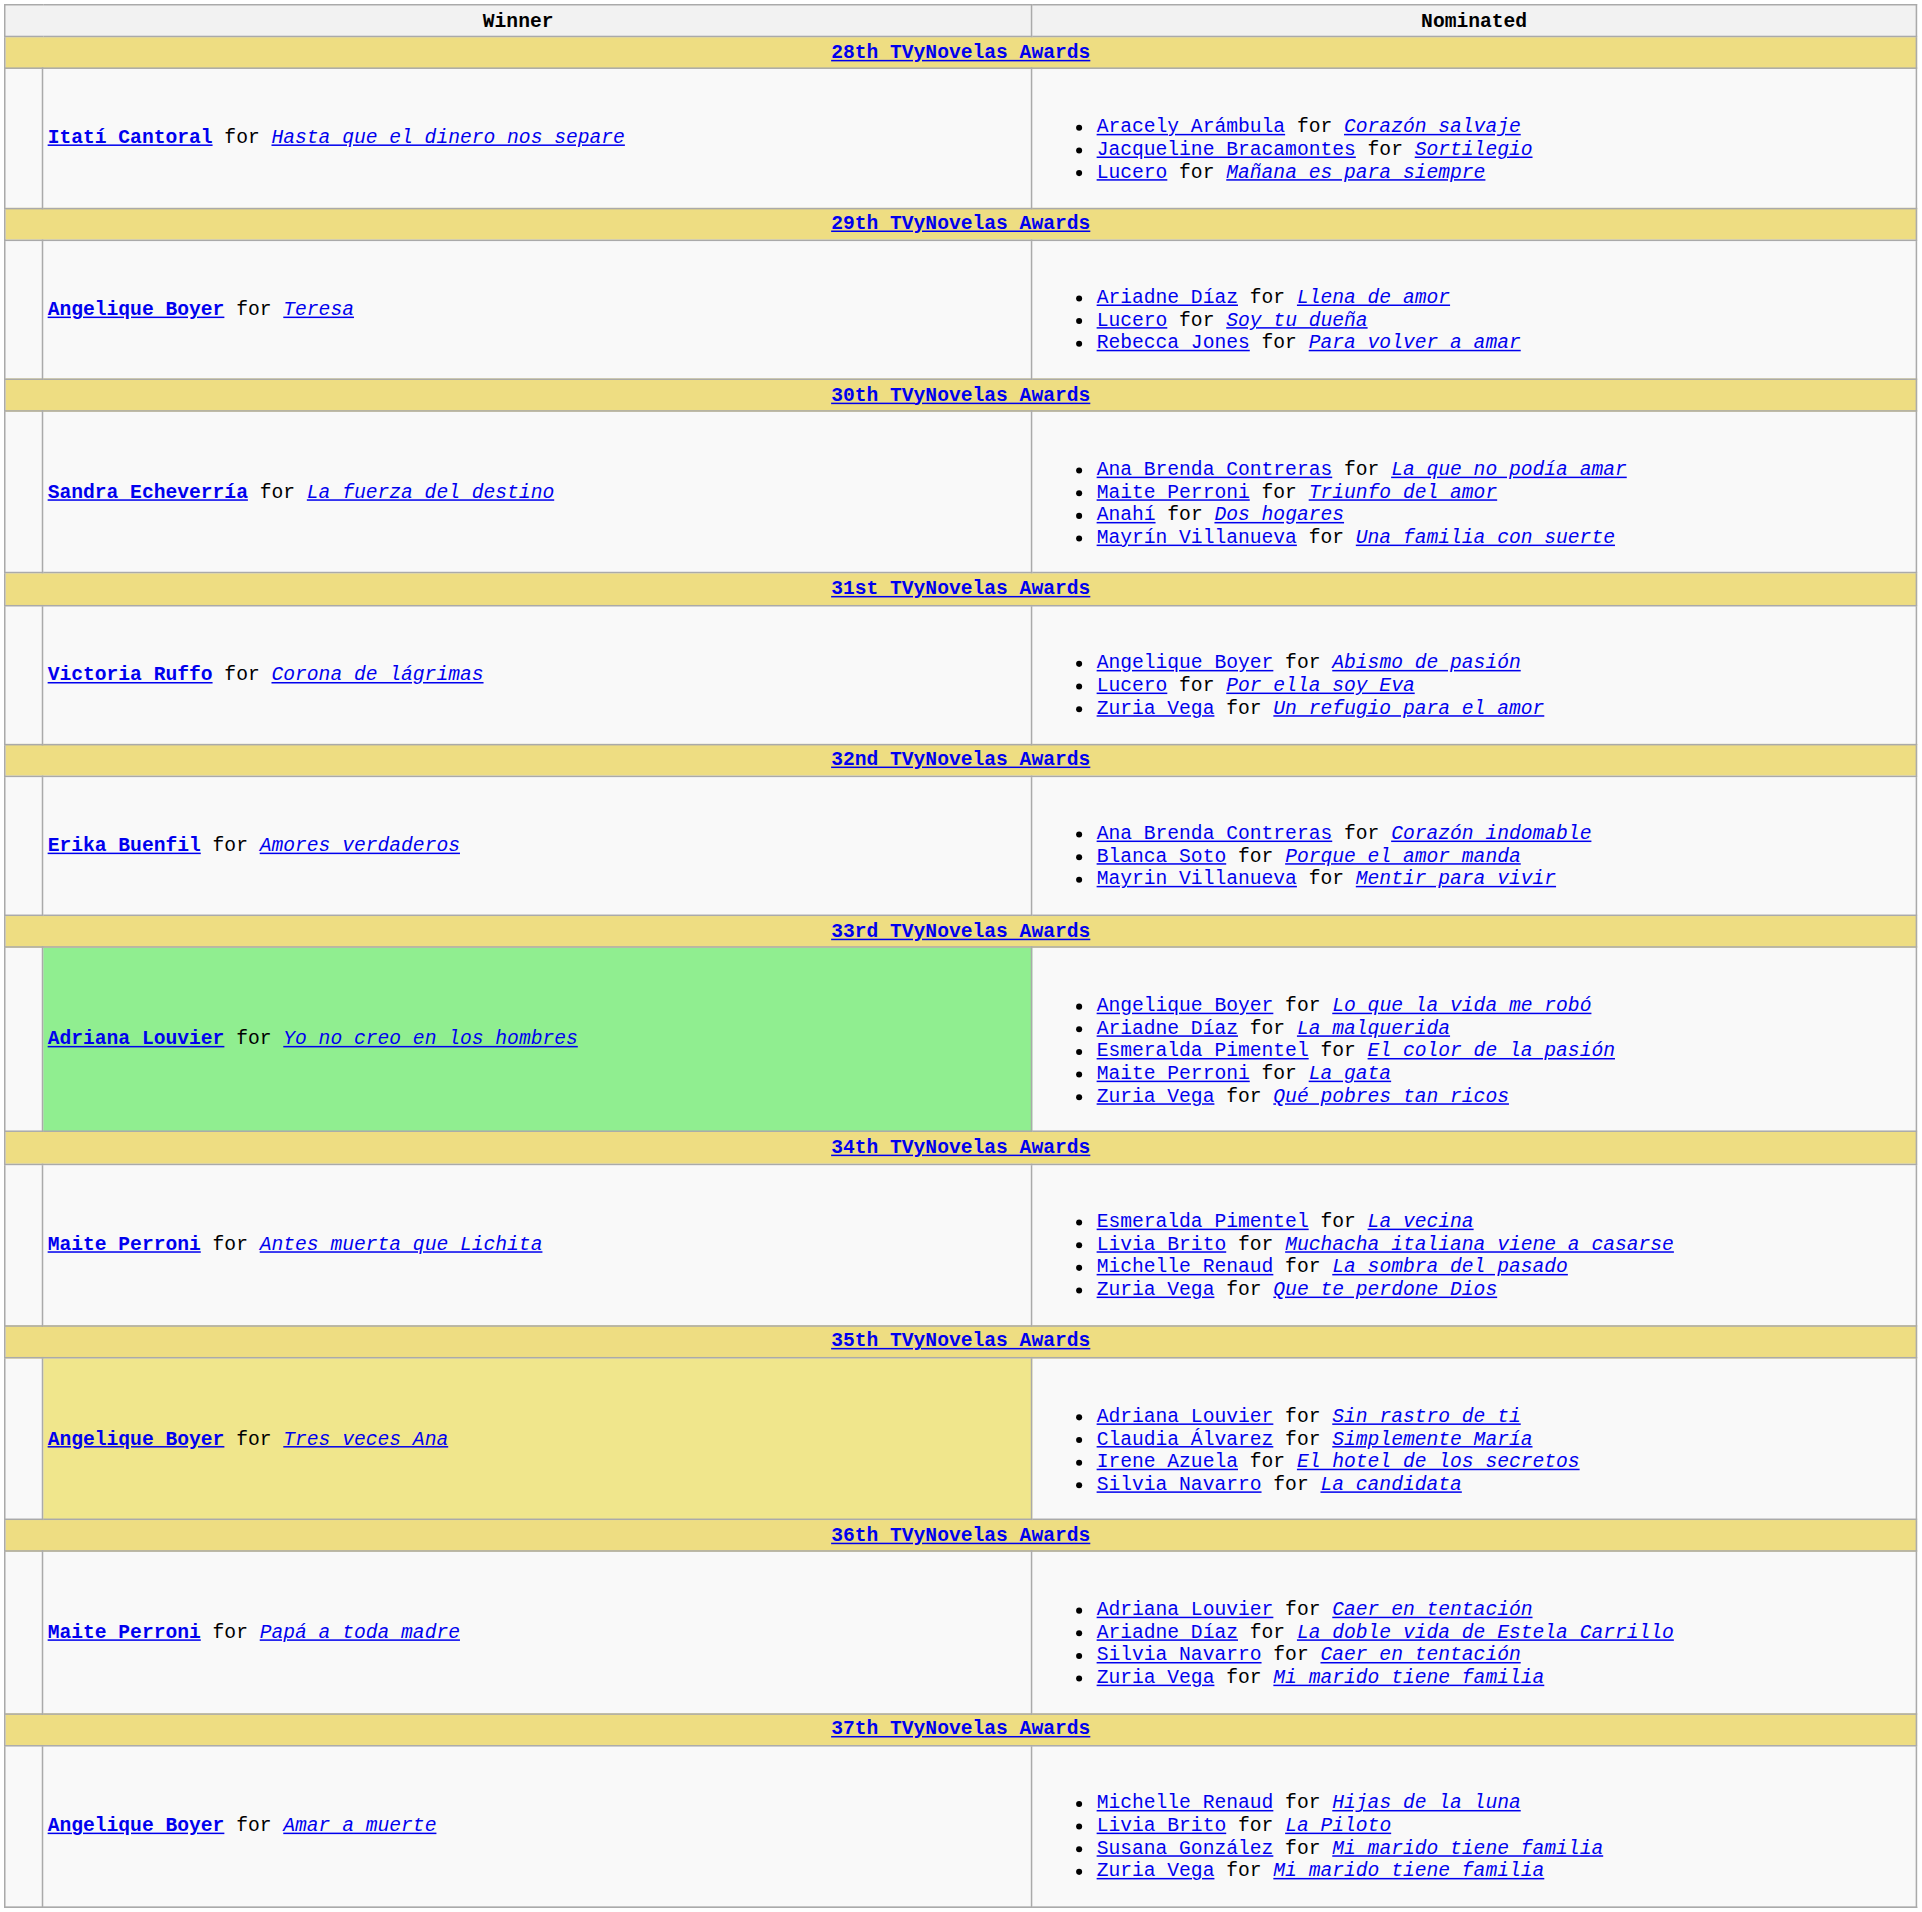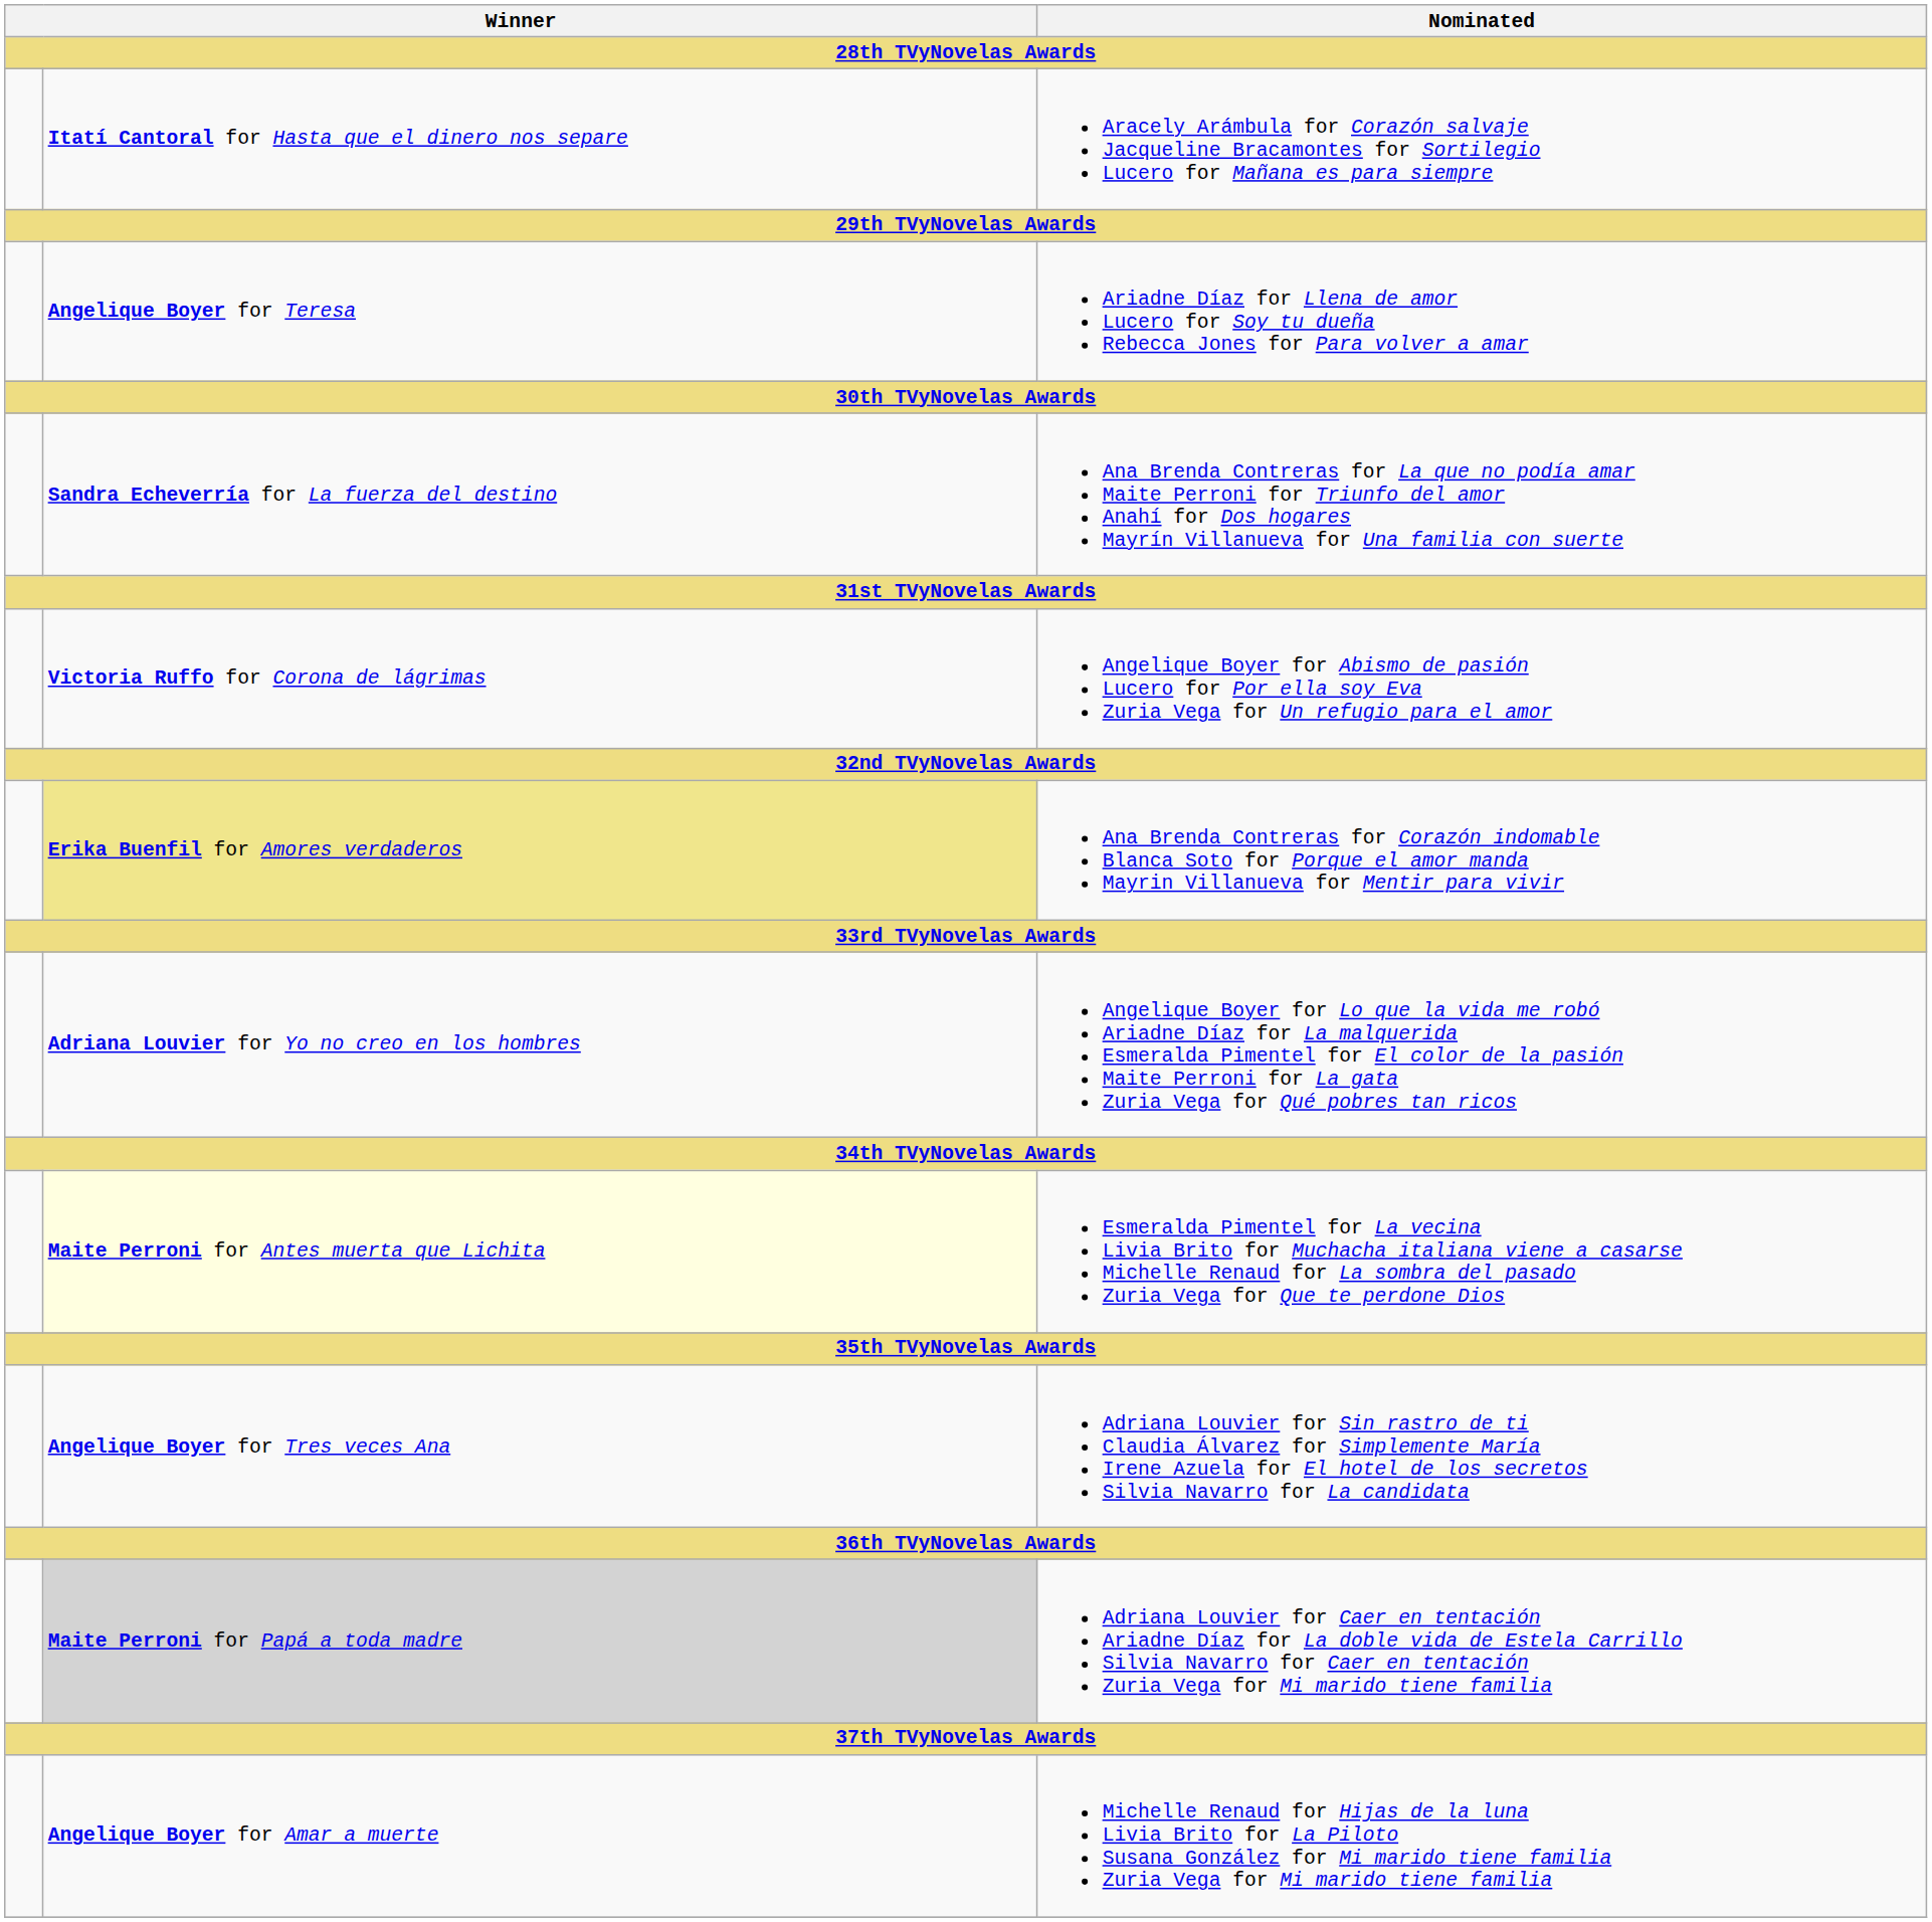 <table class="wikitable" width=80%>
 <tr align=center>
 <th width="150px;" colspan=2; align="center">Winner</th>
 <th width="580px;" align="center">Nominated</th>
 </tr>
 <tr>
 <th colspan=9 style="background:#EEDD82;"  align="center"><strong><a href='#'>28th TVyNovelas Awards</a></strong></th>
 </tr>
 <tr>
 <td width=2%></td>
 <td><strong><a href='#'>Itatí Cantoral</a></strong> for <em><a href='#'>Hasta que el dinero nos separe</a></em></td>
 <td><br><ul><li><a href='#'>Aracely Arámbula</a> for <em><a href='#'>Corazón salvaje</a></em></li><li><a href='#'>Jacqueline Bracamontes</a> for <em><a href='#'>Sortilegio</a></em></li><li><a href='#'>Lucero</a> for <em><a href='#'>Mañana es para siempre</a></em></li></ul></td>
 </tr>
 <tr>
 <th colspan=9 style="background:#EEDD82;"  align="center"><strong><a href='#'>29th TVyNovelas Awards</a></strong></th>
 </tr>
 <tr>
 <td width=2%></td>
 <td><strong><a href='#'>Angelique Boyer</a></strong> for <em><a href='#'>Teresa</a></em></td>
 <td><br><ul><li><a href='#'>Ariadne Díaz</a> for <em><a href='#'>Llena de amor</a></em></li><li><a href='#'>Lucero</a> for <em><a href='#'>Soy tu dueña</a></em></li><li><a href='#'>Rebecca Jones</a> for <em><a href='#'>Para volver a amar</a></em></li></ul></td>
 </tr>
 <tr>
 <th colspan=9 style="background:#EEDD82;"  align="center"><strong><a href='#'>30th TVyNovelas Awards</a></strong></th>
 </tr>
 <tr>
 <td width=2%></td>
 <td><strong><a href='#'>Sandra Echeverría</a></strong> for <em><a href='#'>La fuerza del destino</a></em></td>
 <td><br><ul><li><a href='#'>Ana Brenda Contreras</a> for <em><a href='#'>La que no podía amar</a></em></li><li><a href='#'>Maite Perroni</a> for <em><a href='#'>Triunfo del amor</a></em></li><li><a href='#'>Anahí</a> for <em><a href='#'>Dos hogares</a></em></li><li><a href='#'>Mayrín Villanueva</a> for <em><a href='#'>Una familia con suerte</a></em></li></ul></td>
 </tr>
 <tr>
 <th colspan=9 style="background:#EEDD82;"  align="center"><strong><a href='#'>31st TVyNovelas Awards</a></strong></th>
 </tr>
 <tr>
 <td width=2%></td>
 <td><strong><a href='#'>Victoria Ruffo</a></strong> for <em><a href='#'>Corona de lágrimas</a></em></td>
 <td><br><ul><li><a href='#'>Angelique Boyer</a> for <em><a href='#'>Abismo de pasión</a></em></li><li><a href='#'>Lucero</a> for <em><a href='#'>Por ella soy Eva</a></em></li><li><a href='#'>Zuria Vega</a> for <em><a href='#'>Un refugio para el amor</a></em></li></ul></td>
 </tr>
 <tr>
 <th colspan=9 style="background:#EEDD82;"  align="center"><strong><a href='#'>32nd TVyNovelas Awards</a></strong></th>
 </tr>
 <tr>
 <td width=2%></td>
-<td><strong><a href='#'>Erika Buenfil</a></strong> for <em><a href='#'>Amores verdaderos</a></em></td>
+<td style="background: khaki;"><strong><a href='#'>Erika Buenfil</a></strong> for <em><a href='#'>Amores verdaderos</a></em></td>
 <td><br><ul><li><a href='#'>Ana Brenda Contreras</a> for <em><a href='#'>Corazón indomable</a></em></li><li><a href='#'>Blanca Soto</a> for <em><a href='#'>Porque el amor manda</a></em></li><li><a href='#'>Mayrin Villanueva</a> for <em><a href='#'>Mentir para vivir</a></em></li></ul></td>
 </tr>
 <tr>
 <th colspan=9 style="background:#EEDD82;"  align="center"><strong><a href='#'>33rd TVyNovelas Awards</a></strong></th>
 </tr>
 <tr>
 <td width=2%></td>
-<td style="background: lightgreen;"><strong><a href='#'>Adriana Louvier</a></strong> for <em><a href='#'>Yo no creo en los hombres</a></em></td>
+<td><strong><a href='#'>Adriana Louvier</a></strong> for <em><a href='#'>Yo no creo en los hombres</a></em></td>
 <td><br><ul><li><a href='#'>Angelique Boyer</a> for <em><a href='#'>Lo que la vida me robó</a></em></li><li><a href='#'>Ariadne Díaz</a> for <em><a href='#'>La malquerida</a></em></li><li><a href='#'>Esmeralda Pimentel</a> for <em><a href='#'>El color de la pasión</a></em></li><li><a href='#'>Maite Perroni</a> for <em><a href='#'>La gata</a></em></li><li><a href='#'>Zuria Vega</a> for <em><a href='#'>Qué pobres tan ricos</a></em></li></ul></td>
 </tr>
 <tr>
 <th colspan=9 style="background:#EEDD82;"  align="center"><strong><a href='#'>34th TVyNovelas Awards</a></strong></th>
 </tr>
 <tr>
 <td width=2%></td>
-<td><strong><a href='#'>Maite Perroni</a></strong> for <em><a href='#'>Antes muerta que Lichita</a></em></td>
+<td style="background: lightyellow;"><strong><a href='#'>Maite Perroni</a></strong> for <em><a href='#'>Antes muerta que Lichita</a></em></td>
 <td><br><ul><li><a href='#'>Esmeralda Pimentel</a> for <em><a href='#'>La vecina</a></em></li><li><a href='#'>Livia Brito</a> for <em><a href='#'>Muchacha italiana viene a casarse</a></em></li><li><a href='#'>Michelle Renaud</a> for <em><a href='#'>La sombra del pasado</a></em></li><li><a href='#'>Zuria Vega</a> for <em><a href='#'>Que te perdone Dios</a></em></li></ul></td>
 </tr>
 <tr>
 <th colspan=9 style="background:#EEDD82;"  align="center"><strong><a href='#'>35th TVyNovelas Awards</a></strong></th>
 </tr>
 <tr>
 <td width=2%></td>
-<td style="background: khaki;"><strong><a href='#'>Angelique Boyer</a></strong> for <em><a href='#'>Tres veces Ana</a></em></td>
+<td><strong><a href='#'>Angelique Boyer</a></strong> for <em><a href='#'>Tres veces Ana</a></em></td>
 <td><br><ul><li><a href='#'>Adriana Louvier</a> for <em><a href='#'>Sin rastro de ti</a></em></li><li><a href='#'>Claudia Álvarez</a> for <em><a href='#'>Simplemente María</a></em></li><li><a href='#'>Irene Azuela</a> for <em><a href='#'>El hotel de los secretos</a></em></li><li><a href='#'>Silvia Navarro</a> for <em><a href='#'>La candidata</a></em></li></ul></td>
 </tr>
 <tr>
 <th colspan=9 style="background:#EEDD82;"  align="center"><strong><a href='#'>36th TVyNovelas Awards</a></strong></th>
 </tr>
 <tr>
 <td width=2%></td>
-<td><strong><a href='#'>Maite Perroni</a></strong> for <em><a href='#'>Papá a toda madre</a></em></td>
+<td style="background: lightgrey;"><strong><a href='#'>Maite Perroni</a></strong> for <em><a href='#'>Papá a toda madre</a></em></td>
 <td><br><ul><li><a href='#'>Adriana Louvier</a> for <em><a href='#'>Caer en tentación</a></em></li><li><a href='#'>Ariadne Díaz</a> for <em><a href='#'>La doble vida de Estela Carrillo</a></em></li><li><a href='#'>Silvia Navarro</a> for <em><a href='#'>Caer en tentación</a></em></li><li><a href='#'>Zuria Vega</a> for <em><a href='#'>Mi marido tiene familia</a></em></li></ul></td>
 </tr>
 <tr>
 <th colspan=9 style="background:#EEDD82;"  align="center"><strong><a href='#'>37th TVyNovelas Awards</a></strong></th>
 </tr>
 <tr>
 <td width=2%></td>
 <td><strong><a href='#'>Angelique Boyer</a></strong> for <em><a href='#'>Amar a muerte</a></em></td>
 <td><br><ul><li><a href='#'>Michelle Renaud</a> for <em><a href='#'>Hijas de la luna</a></em></li><li><a href='#'>Livia Brito</a> for <em><a href='#'>La Piloto</a></em></li><li><a href='#'>Susana González</a> for <em><a href='#'>Mi marido tiene familia</a></em></li><li><a href='#'>Zuria Vega</a> for <em><a href='#'>Mi marido tiene familia</a></em></li></ul></td>
 </tr>
 <tr>
 </tr>
 </table>
